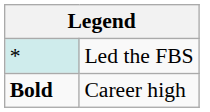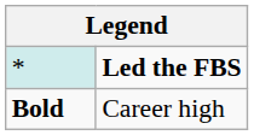 <table class="wikitable mw-collapsible">
 <tr>
 <th colspan="2">Legend</th>
 </tr>
 <tr>
 <td style="background:#cfecec; width:3em;">*</td>
-<td>Led the FBS</td>
+<td><strong>Led the FBS</strong></td>
 </tr>
 <tr>
 <td><strong>Bold</strong></td>
 <td>Career high</td>
 </tr>
 </table>
